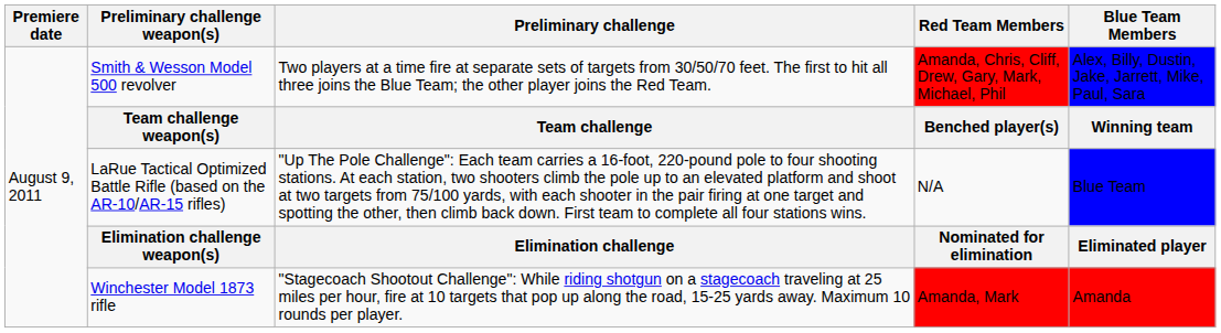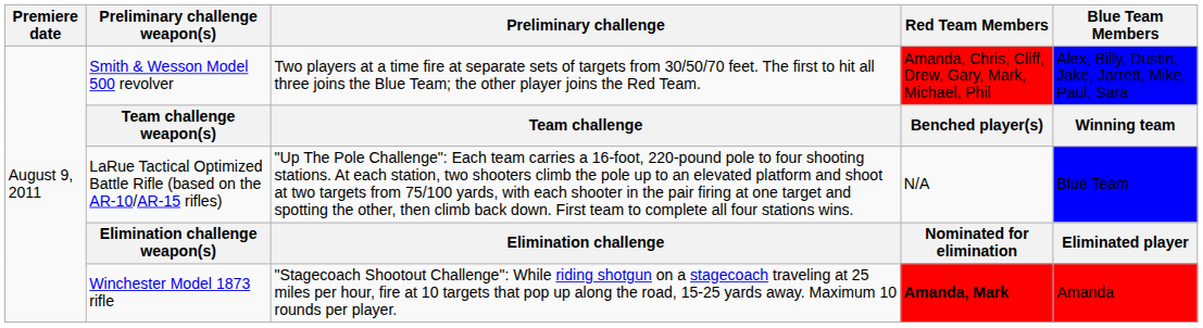 <table class="wikitable">
 <tr>
 <th>Premiere date</th>
 <th>Preliminary challenge weapon(s)</th>
 <th>Preliminary challenge</th>
 <th>Red Team Members</th>
 <th>Blue Team Members</th>
 </tr>
 <tr>
 <td rowspan="5">August 9, 2011</td>
 <td><a href='#'>Smith & Wesson Model 500</a> revolver</td>
 <td>Two players at a time fire at separate sets of targets from 30/50/70 feet. The first to hit all three joins the Blue Team; the other player joins the Red Team.</td>
 <td style="background:red;"><span>Amanda, Chris, Cliff, Drew, Gary, Mark, Michael, Phil</span></td>
 <td style="background:blue;"><span>Alex, Billy, Dustin, Jake, Jarrett, Mike, Paul, Sara</span></td>
 </tr>
 <tr>
 <th>Team challenge weapon(s)</th>
 <th>Team challenge</th>
 <th>Benched player(s)</th>
 <th>Winning team</th>
 </tr>
 <tr>
 <td>LaRue Tactical Optimized Battle Rifle (based on the <a href='#'>AR-10</a>/<a href='#'>AR-15</a> rifles)</td>
 <td>"Up The Pole Challenge": Each team carries a 16-foot, 220-pound pole to four shooting stations. At each station, two shooters climb the pole up to an elevated platform and shoot at two targets from 75/100 yards, with each shooter in the pair firing at one target and spotting the other, then climb back down. First team to complete all four stations wins.</td>
 <td>N/A</td>
 <td style="background:blue;"><span>Blue Team</span></td>
 </tr>
 <tr>
 <th>Elimination challenge weapon(s)</th>
 <th>Elimination challenge</th>
 <th>Nominated for elimination</th>
 <th>Eliminated player</th>
 </tr>
 <tr>
 <td><a href='#'>Winchester Model 1873</a> rifle</td>
 <td>"Stagecoach Shootout Challenge": While <a href='#'>riding shotgun</a> on a <a href='#'>stagecoach</a> traveling at 25 miles per hour, fire at 10 targets that pop up along the road, 15-25 yards away. Maximum 10 rounds per player.</td>
-<td style="background:red;"><span>Amanda, Mark</span></td>
+<td style="background:red;"><strong><span>Amanda, Mark</span></strong></td>
 <td style="background:red;"><span>Amanda</span></td>
 </tr>
 </table>
